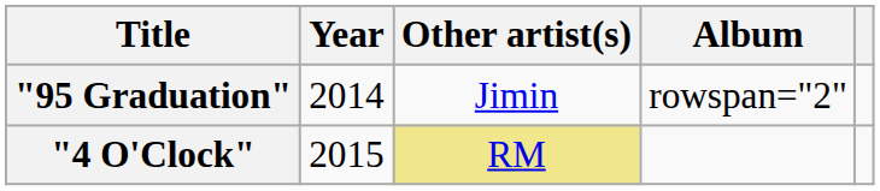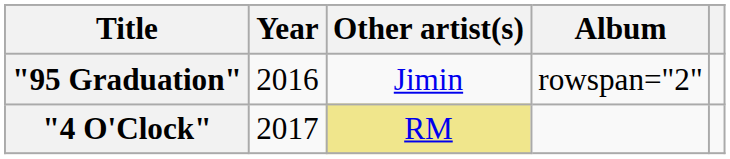 <table class="wikitable plainrowheaders">
 <tr>
 <th scope="col">Title</th>
 <th scope="col">Year</th>
 <th scope="col">Other artist(s)</th>
 <th scope="col">Album</th>
 <th scope="col"></th>
 </tr>
 <tr>
 <th scope="row">"95 Graduation"</th>
-<td>2014</td>
+<td>2016</td>
 <td style="text-align:center;"><a href='#'>Jimin</a></td>
 <td>rowspan="2" </td>
 <td style="text-align:center;"></td>
 </tr>
 <tr>
 <th scope="row">"4 O'Clock"</th>
-<td>2015</td>
+<td>2017</td>
 <td style="background: khaki; text-align:center;"><a href='#'>RM</a></td>
 <td style="text-align:center;"></td>
 </tr>
 </table>
